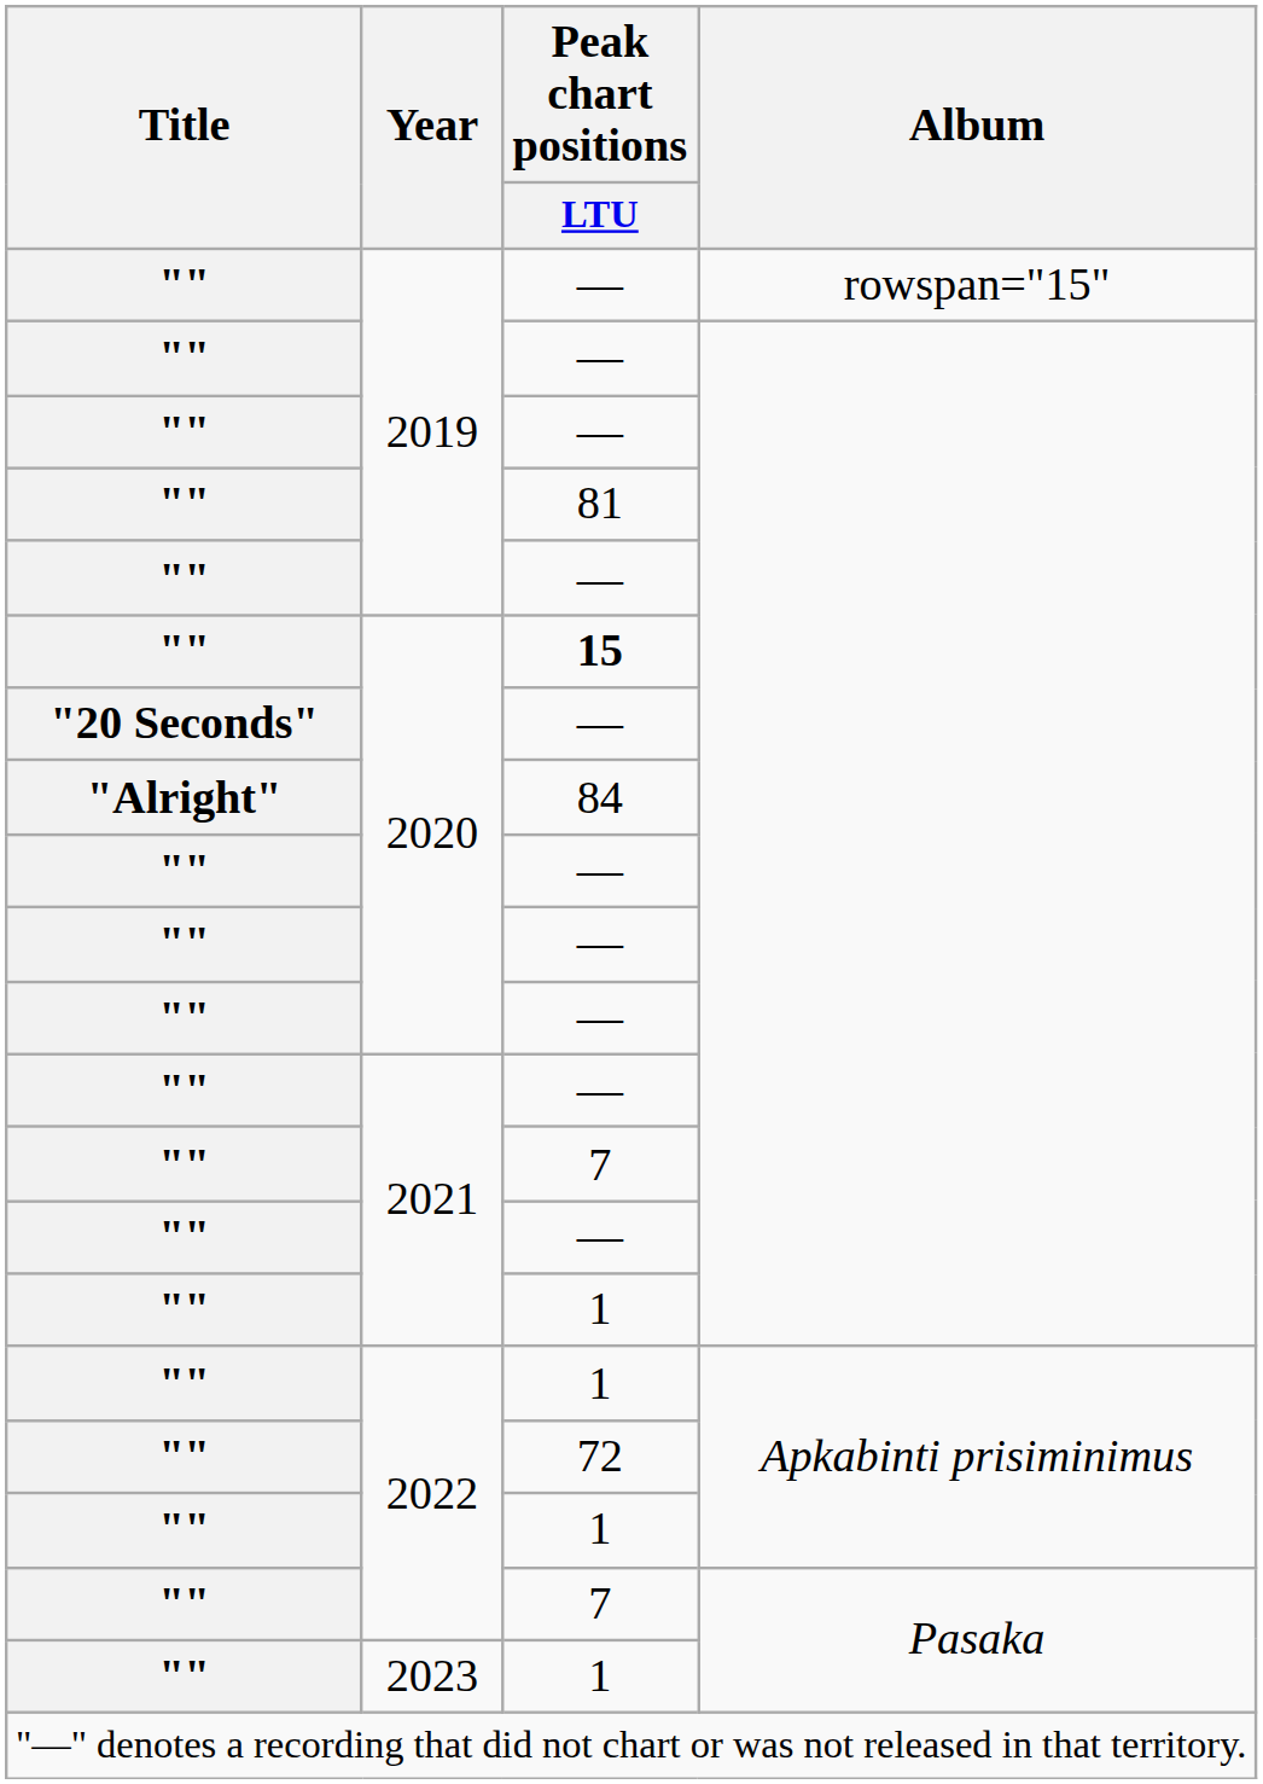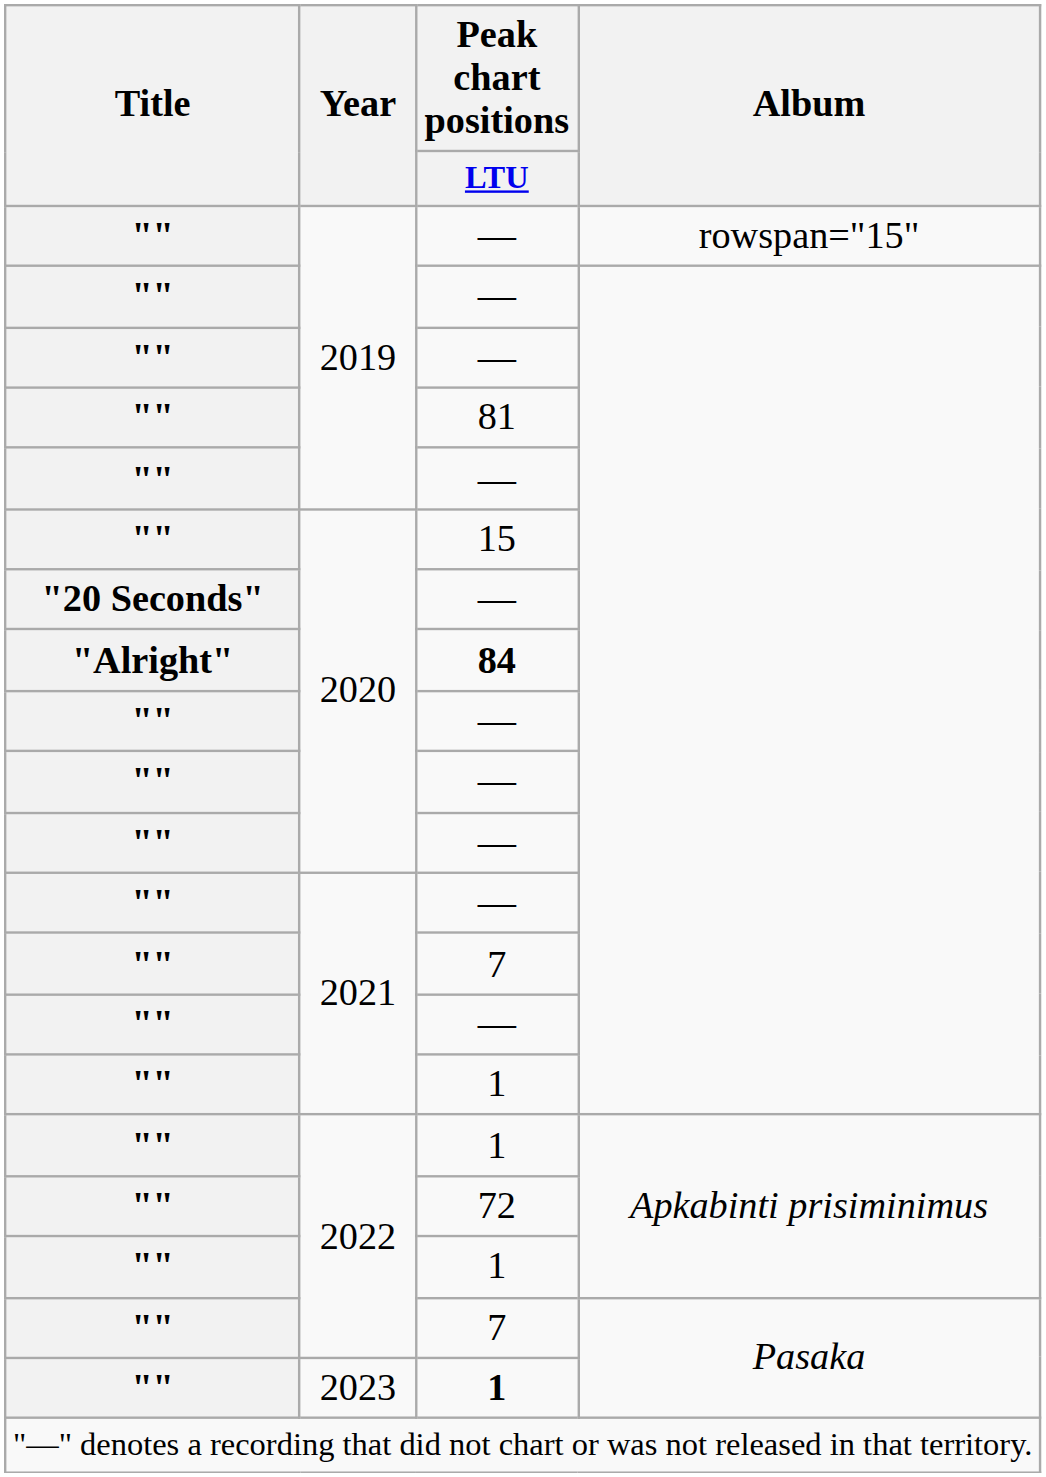 <table class="wikitable plainrowheaders" style="text-align:center;">
 <tr>
 <th scope="col" rowspan="2">Title</th>
 <th scope="col" rowspan="2">Year</th>
 <th scope="col" colspan="1">Peak chart positions</th>
 <th scope="col" rowspan="2">Album</th>
 </tr>
 <tr>
 <th scope="col" style="width:3em;font-size:85%;"><a href='#'>LTU</a><br></th>
 </tr>
 <tr>
 <th scope="row">""</th>
 <td rowspan="5">2019</td>
 <td>—</td>
 <td>rowspan="15" </td>
 </tr>
 <tr>
 <th scope="row">""</th>
 <td>—</td>
 </tr>
 <tr>
 <th scope="row">""<br></th>
 <td>—</td>
 </tr>
 <tr>
 <th scope="row">""<br></th>
 <td>81</td>
 </tr>
 <tr>
 <th scope="row">""</th>
 <td>—</td>
 </tr>
 <tr>
 <th scope="row">""</th>
 <td rowspan="6">2020</td>
-<td><strong>15</strong></td>
+<td>15</td>
 </tr>
 <tr>
 <th scope="row">"20 Seconds"</th>
 <td>—</td>
 </tr>
 <tr>
 <th scope="row">"Alright"<br></th>
-<td>84</td>
+<td><strong>84</strong></td>
 </tr>
 <tr>
 <th scope="row">""</th>
 <td>—</td>
 </tr>
 <tr>
 <th scope="row">""</th>
 <td>—</td>
 </tr>
 <tr>
 <th scope="row">""<br></th>
 <td>—</td>
 </tr>
 <tr>
 <th scope="row">""</th>
 <td rowspan="4">2021</td>
 <td>—</td>
 </tr>
 <tr>
 <th scope="row">""<br></th>
 <td>7</td>
 </tr>
 <tr>
 <th scope="row">""</th>
 <td>—</td>
 </tr>
 <tr>
 <th scope="row">""<br></th>
 <td>1</td>
 </tr>
 <tr>
 <th scope="row">""</th>
 <td rowspan="4">2022</td>
 <td>1</td>
 <td rowspan="3"><em>Apkabinti prisiminimus</em></td>
 </tr>
 <tr>
 <th scope="row">""</th>
 <td>72</td>
 </tr>
 <tr>
 <th scope="row">""</th>
 <td>1</td>
 </tr>
 <tr>
 <th scope="row">""</th>
 <td>7</td>
 <td rowspan="2"><em>Pasaka</em></td>
 </tr>
 <tr>
 <th scope="row">""</th>
 <td>2023</td>
-<td>1</td>
+<td><strong>1</strong></td>
 </tr>
 <tr>
 <td colspan="4" style="font-size:85%">"—" denotes a recording that did not chart or was not released in that territory.</td>
 </tr>
 </table>
